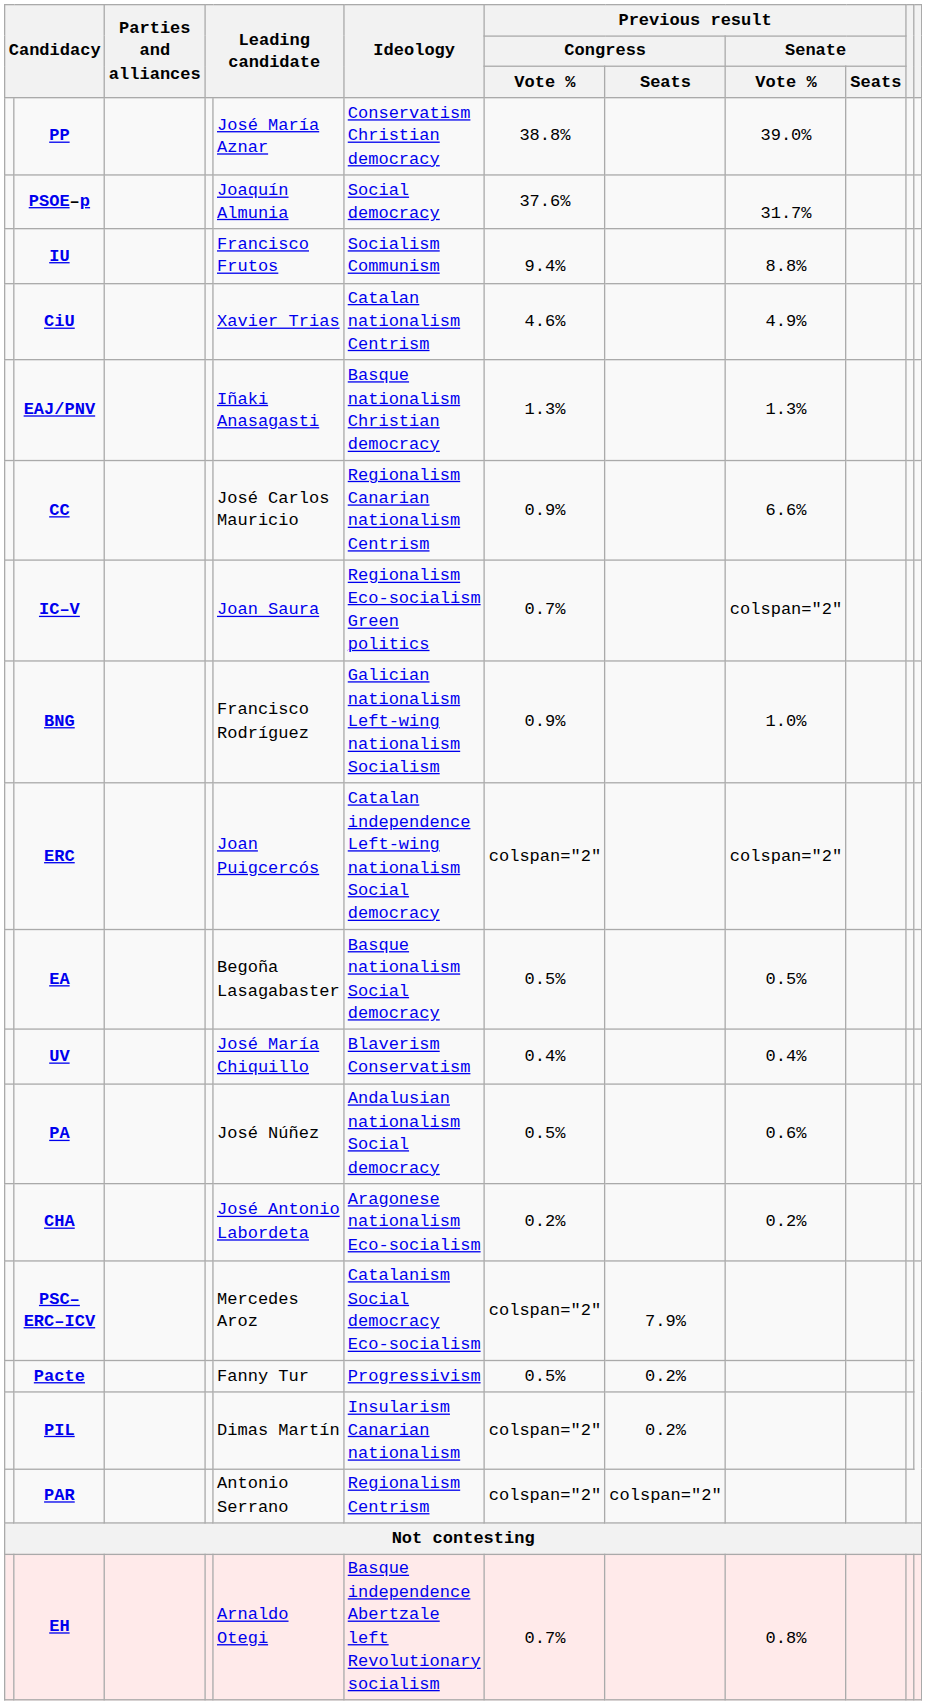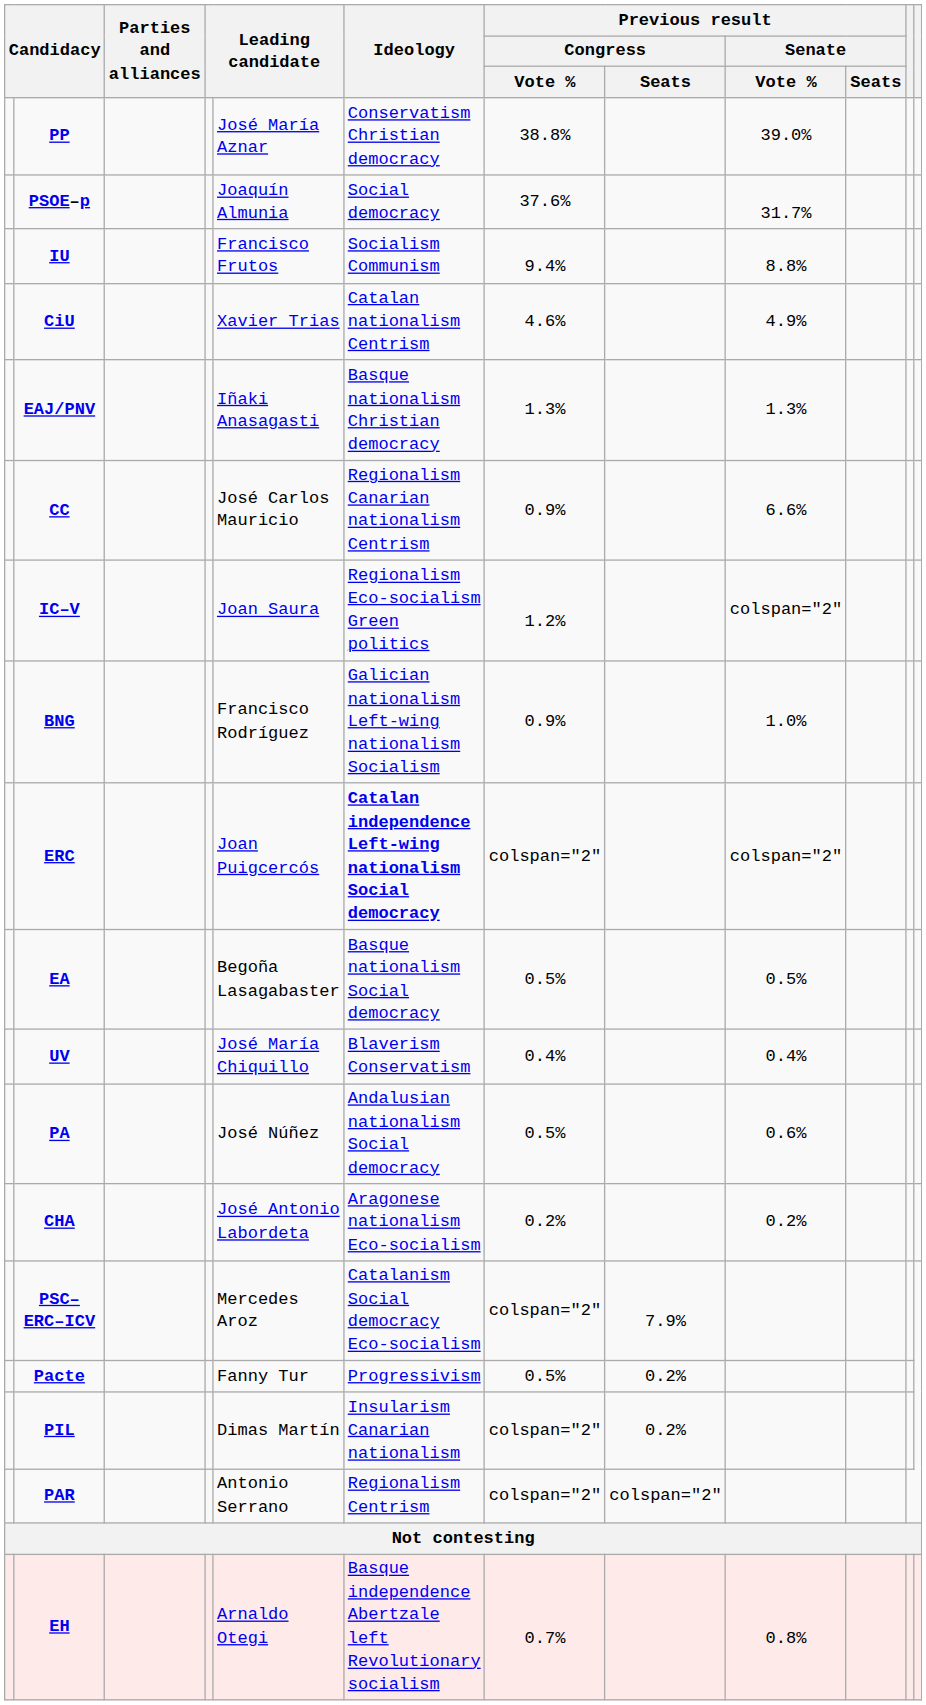 <table class="wikitable" style="line-height:1.35em; text-align:left;">
 <tr>
 <th colspan="2" rowspan="3">Candidacy</th>
 <th rowspan="3">Parties and<br>alliances</th>
 <th colspan="2" rowspan="3">Leading candidate</th>
 <th rowspan="3">Ideology</th>
 <th colspan="4">Previous result</th>
 <th rowspan="3"></th>
 <th rowspan="3"></th>
 </tr>
 <tr>
 <th colspan="2">Congress</th>
 <th colspan="2">Senate</th>
 </tr>
 <tr>
 <th>Vote %</th>
 <th>Seats</th>
 <th>Vote %</th>
 <th>Seats</th>
 </tr>
 <tr>
 <td width="1" style="color:inherit;background:"></td>
 <td align="center"><strong><a href='#'>PP</a></strong></td>
 <td></td>
 <td></td>
 <td><a href='#'>José María Aznar</a></td>
 <td><a href='#'>Conservatism</a><br><a href='#'>Christian democracy</a></td>
 <td align="center">38.8%</td>
 <td></td>
 <td align="center">39.0%</td>
 <td></td>
 <td></td>
 <td></td>
 </tr>
 <tr>
 <td style="color:inherit;background:"></td>
 <td align="center"><strong><a href='#'>PSOE</a>–<a href='#'>p</a></strong></td>
 <td></td>
 <td></td>
 <td><a href='#'>Joaquín Almunia</a></td>
 <td><a href='#'>Social democracy</a></td>
 <td align="center">37.6%</td>
 <td></td>
 <td align="center"><br>31.7%<br></td>
 <td></td>
 <td></td>
 <td><br></td>
 </tr>
 <tr>
 <td style="color:inherit;background:"></td>
 <td align="center"><strong><a href='#'>IU</a></strong></td>
 <td></td>
 <td></td>
 <td><a href='#'>Francisco Frutos</a></td>
 <td><a href='#'>Socialism</a><br><a href='#'>Communism</a></td>
 <td align="center"><br>9.4%<br></td>
 <td></td>
 <td align="center"><br>8.8%<br></td>
 <td></td>
 <td></td>
 <td><br></td>
 </tr>
 <tr>
 <td style="color:inherit;background:"></td>
 <td align="center"><strong><a href='#'>CiU</a></strong></td>
 <td></td>
 <td></td>
 <td><a href='#'>Xavier Trias</a></td>
 <td><a href='#'>Catalan nationalism</a><br><a href='#'>Centrism</a></td>
 <td align="center">4.6%</td>
 <td></td>
 <td align="center">4.9%</td>
 <td></td>
 <td></td>
 <td><br></td>
 </tr>
 <tr>
 <td style="color:inherit;background:"></td>
 <td align="center"><strong><a href='#'>EAJ/PNV</a></strong></td>
 <td></td>
 <td></td>
 <td><a href='#'>Iñaki Anasagasti</a></td>
 <td><a href='#'>Basque nationalism</a><br><a href='#'>Christian democracy</a></td>
 <td align="center">1.3%</td>
 <td></td>
 <td align="center">1.3%</td>
 <td></td>
 <td></td>
 <td></td>
 </tr>
 <tr>
 <td style="color:inherit;background:"></td>
 <td align="center"><strong><a href='#'>CC</a></strong></td>
 <td></td>
 <td></td>
 <td>José Carlos Mauricio</td>
 <td><a href='#'>Regionalism</a><br><a href='#'>Canarian nationalism</a><br><a href='#'>Centrism</a></td>
 <td align="center">0.9%</td>
 <td></td>
 <td align="center">6.6%</td>
 <td></td>
 <td></td>
 <td></td>
 </tr>
 <tr>
 <td style="color:inherit;background:"></td>
 <td align="center"><strong><a href='#'>IC–V</a></strong></td>
 <td></td>
 <td></td>
 <td><a href='#'>Joan Saura</a></td>
 <td><a href='#'>Regionalism</a><br><a href='#'>Eco-socialism</a><br><a href='#'>Green politics</a></td>
-<td align="center">0.7%</td>
+<td align="center"><br>1.2%<br></td>
 <td></td>
 <td>colspan="2" </td>
 <td></td>
 <td></td>
 </tr>
 <tr>
 <td style="color:inherit;background:"></td>
 <td align="center"><strong><a href='#'>BNG</a></strong></td>
 <td></td>
 <td></td>
 <td>Francisco Rodríguez</td>
 <td><a href='#'>Galician nationalism</a><br><a href='#'>Left-wing nationalism</a><br><a href='#'>Socialism</a></td>
 <td align="center">0.9%</td>
 <td></td>
 <td align="center">1.0%</td>
 <td></td>
 <td></td>
 <td></td>
 </tr>
 <tr>
 <td style="color:inherit;background:"></td>
 <td align="center"><strong><a href='#'>ERC</a></strong></td>
 <td></td>
 <td></td>
 <td><a href='#'>Joan Puigcercós</a></td>
-<td><a href='#'>Catalan independence</a><br><a href='#'>Left-wing nationalism</a><br><a href='#'>Social democracy</a></td>
+<td><strong><a href='#'>Catalan independence</a><br><a href='#'>Left-wing nationalism</a><br><a href='#'>Social democracy</a></strong></td>
 <td>colspan="2" </td>
 <td></td>
 <td>colspan="2" </td>
 <td></td>
 <td></td>
 </tr>
 <tr>
 <td style="color:inherit;background:"></td>
 <td align="center"><strong><a href='#'>EA</a></strong></td>
 <td></td>
 <td></td>
 <td>Begoña Lasagabaster</td>
 <td><a href='#'>Basque nationalism</a><br><a href='#'>Social democracy</a></td>
 <td align="center">0.5%</td>
 <td></td>
 <td align="center">0.5%</td>
 <td></td>
 <td></td>
 <td></td>
 </tr>
 <tr>
 <td style="color:inherit;background:"></td>
 <td align="center"><strong><a href='#'>UV</a></strong></td>
 <td></td>
 <td></td>
 <td><a href='#'>José María Chiquillo</a></td>
 <td><a href='#'>Blaverism</a><br><a href='#'>Conservatism</a></td>
 <td align="center">0.4%</td>
 <td></td>
 <td align="center">0.4%</td>
 <td></td>
 <td></td>
 <td></td>
 </tr>
 <tr>
 <td style="color:inherit;background:"></td>
 <td align="center"><strong><a href='#'>PA</a></strong></td>
 <td></td>
 <td></td>
 <td>José Núñez</td>
 <td><a href='#'>Andalusian nationalism</a><br><a href='#'>Social democracy</a></td>
 <td align="center">0.5%</td>
 <td></td>
 <td align="center">0.6%</td>
 <td></td>
 <td></td>
 <td></td>
 </tr>
 <tr>
 <td style="color:inherit;background:"></td>
 <td align="center"><strong><a href='#'>CHA</a></strong></td>
 <td></td>
 <td></td>
 <td><a href='#'>José Antonio Labordeta</a></td>
 <td><a href='#'>Aragonese nationalism</a><br><a href='#'>Eco-socialism</a></td>
 <td align="center">0.2%</td>
 <td></td>
 <td align="center">0.2%</td>
 <td></td>
 <td></td>
 <td></td>
 </tr>
 <tr>
 <td style="color:inherit;background:"></td>
 <td align="center"><strong><a href='#'>PSC–<br>ERC–ICV</a></strong></td>
 <td></td>
 <td></td>
 <td>Mercedes Aroz</td>
 <td><a href='#'>Catalanism</a><br><a href='#'>Social democracy</a><br><a href='#'>Eco-socialism</a></td>
 <td>colspan="2" </td>
 <td align="center"><br>7.9%<br></td>
 <td></td>
 <td></td>
 <td><br><br></td>
 </tr>
 <tr>
 <td style="color:inherit;background:"></td>
 <td align="center"><strong><a href='#'>Pacte</a></strong></td>
 <td></td>
 <td></td>
 <td>Fanny Tur</td>
 <td><a href='#'>Progressivism</a></td>
 <td align="center">0.5%</td>
 <td align="center">0.2%</td>
 <td></td>
 <td></td>
 <td></td>
 </tr>
 <tr>
 <td style="color:inherit;background:"></td>
 <td align="center"><strong><a href='#'>PIL</a></strong></td>
 <td></td>
 <td></td>
 <td>Dimas Martín</td>
 <td><a href='#'>Insularism</a><br><a href='#'>Canarian nationalism</a></td>
 <td>colspan="2" </td>
 <td align="center">0.2%</td>
 <td></td>
 <td></td>
 <td></td>
 </tr>
 <tr>
 <td style="color:inherit;background:"></td>
 <td align="center"><strong><a href='#'>PAR</a></strong></td>
 <td></td>
 <td></td>
 <td>Antonio Serrano</td>
 <td><a href='#'>Regionalism</a><br><a href='#'>Centrism</a></td>
 <td>colspan="2" </td>
 <td>colspan="2" </td>
 <td></td>
 <td></td>
 </tr>
 <tr>
 <th colspan="12">Not contesting</th>
 </tr>
 <tr style="background:#FFEAEA;">
 <td style="color:inherit;background:"></td>
 <td align="center"><strong><a href='#'>EH</a></strong></td>
 <td></td>
 <td></td>
 <td><a href='#'>Arnaldo Otegi</a></td>
 <td><a href='#'>Basque independence</a><br><a href='#'>Abertzale left</a><br><a href='#'>Revolutionary socialism</a></td>
 <td align="center"><br>0.7%<br></td>
 <td></td>
 <td align="center"><br>0.8%<br></td>
 <td></td>
 <td></td>
 <td><br></td>
 </tr>
 </table>
